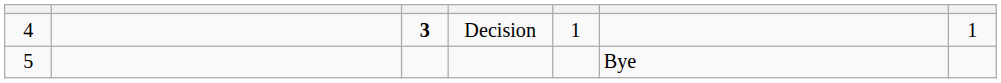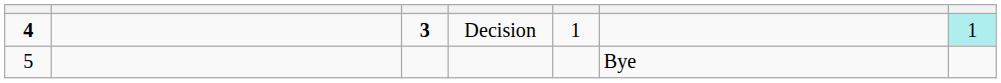 <table class="wikitable" style="text-align: center;">
 <tr>
 <th width=30></th>
 <th width=270></th>
 <th width=30></th>
 <th width=75></th>
 <th width=30></th>
 <th width=270></th>
 <th width=30></th>
 </tr>
 <tr>
-<td>4</td>
+<td><strong>4</strong></td>
 <td align=left></td>
 <td><strong>3</strong></td>
 <td>Decision</td>
 <td>1</td>
 <td align=left><strong></strong></td>
-<td>1</td>
+<td style="background: paleturquoise;">1</td>
 </tr>
 <tr>
 <td>5</td>
 <td align=left><strong></strong></td>
 <td></td>
 <td></td>
 <td></td>
 <td align=left>Bye</td>
 <td></td>
 </tr>
 </table>
